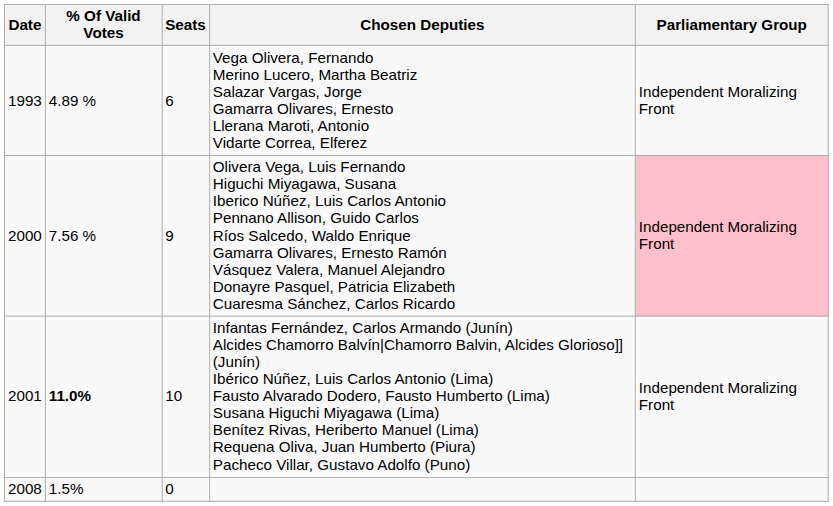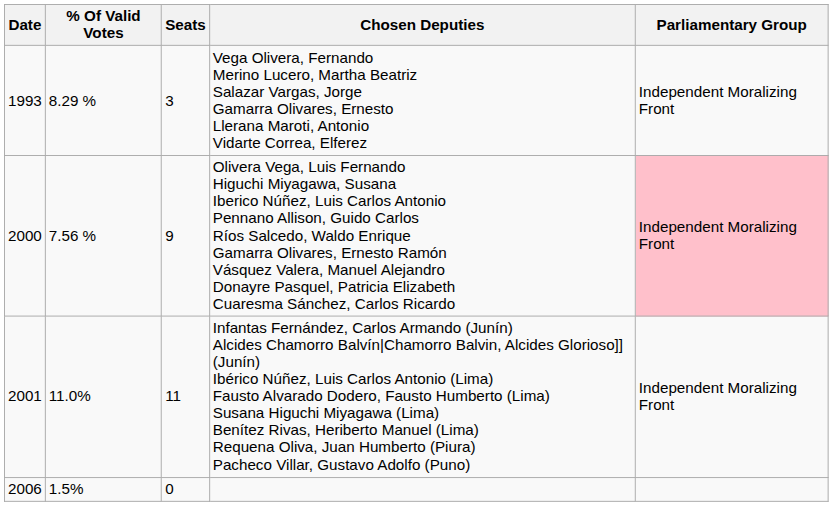 <table class="wikitable">
 <tr>
 <th>Date</th>
 <th>% Of Valid Votes</th>
 <th>Seats</th>
 <th>Chosen Deputies</th>
 <th>Parliamentary Group</th>
 </tr>
 <tr>
 <td>1993</td>
-<td>4.89 %</td>
-<td>6</td>
+<td>8.29 %</td>
+<td>3</td>
 <td>Vega Olivera,  Fernando<br>Merino Lucero, Martha Beatriz<br>Salazar Vargas, Jorge<br>Gamarra Olivares,  Ernesto<br>Llerana Maroti, Antonio<br>Vidarte Correa,  Elferez</td>
 <td>Independent Moralizing Front</td>
 </tr>
 <tr>
 <td>2000</td>
 <td>7.56 %</td>
 <td>9</td>
 <td>Olivera Vega, Luis Fernando<br>Higuchi Miyagawa,  Susana<br>Iberico Núñez, Luis Carlos Antonio<br>Pennano Allison,  Guido Carlos<br>Ríos Salcedo, Waldo Enrique<br>Gamarra Olivares,  Ernesto Ramón<br>Vásquez Valera,  Manuel Alejandro<br>Donayre Pasquel,  Patricia Elizabeth<br>Cuaresma Sánchez,  Carlos Ricardo</td>
 <td style="background: pink;">Independent Moralizing Front</td>
 </tr>
 <tr>
 <td>2001</td>
-<td><strong>11.0%</strong></td>
-<td>10</td>
+<td>11.0%</td>
+<td>11</td>
 <td Núñez Dávila, Dora Isidora (Arequipa)>Infantas Fernández, Carlos Armando (Junín)<br>Alcides Chamorro Balvín|Chamorro Balvin, Alcides Glorioso]] (Junín)<br>Ibérico Núñez, Luis Carlos Antonio (Lima)<br>Fausto Alvarado Dodero, Fausto Humberto (Lima)<br>Susana Higuchi Miyagawa (Lima)<br>Benítez Rivas, Heriberto Manuel (Lima)<br>Requena Oliva, Juan Humberto (Piura)<br>Pacheco Villar, Gustavo Adolfo (Puno)</td>
 <td>Independent Moralizing Front</td>
 </tr>
 <tr>
-<td>2008</td>
+<td>2006</td>
 <td>1.5%</td>
 <td>0</td>
 <td></td>
 <td></td>
 </tr>
 </table>
